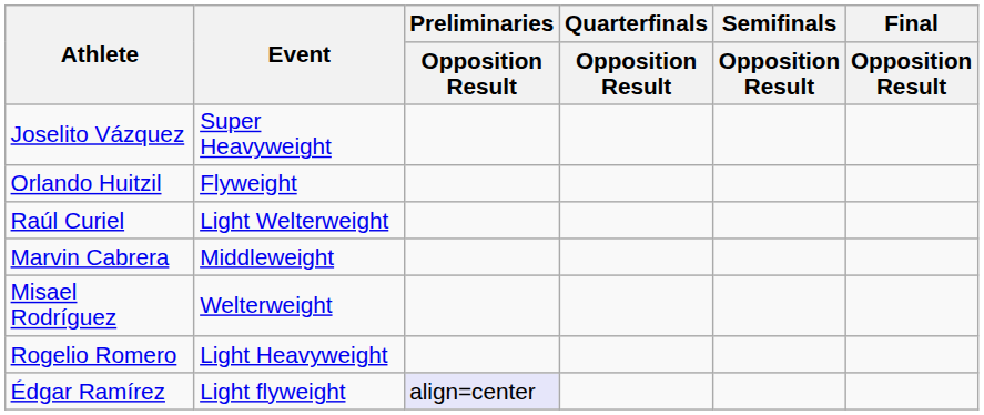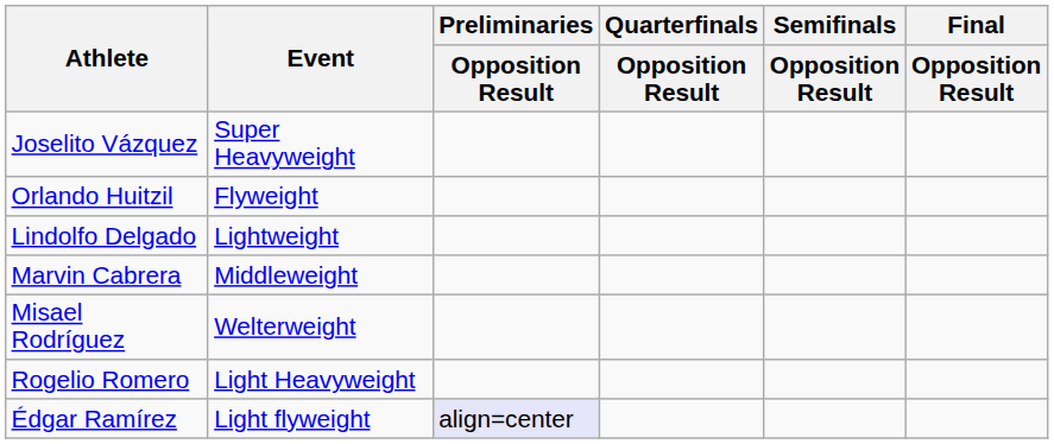 <table class="wikitable" border="1" style="font-size:90%">
 <tr>
 <th rowspan=2>Athlete</th>
 <th rowspan=2>Event</th>
 <th>Preliminaries</th>
 <th>Quarterfinals</th>
 <th>Semifinals</th>
 <th>Final</th>
 </tr>
 <tr>
 <th>Opposition<br>Result</th>
 <th>Opposition<br>Result</th>
 <th>Opposition<br>Result</th>
 <th>Opposition<br>Result</th>
 </tr>
 <tr>
 <td><a href='#'>Joselito Vázquez</a></td>
 <td><a href='#'>Super Heavyweight</a></td>
 <td align=center></td>
 <td align=center></td>
 <td align=center></td>
 <td align=center></td>
 </tr>
 <tr>
 <td><a href='#'>Orlando Huitzil</a></td>
 <td><a href='#'>Flyweight</a></td>
 <td align=center></td>
 <td align=center></td>
 <td align=center></td>
 <td align=center></td>
 </tr>
 <tr>
-<td><a href='#'>Raúl Curiel</a></td>
-<td><a href='#'>Light Welterweight</a></td>
+<td><a href='#'>Lindolfo Delgado</a></td>
+<td><a href='#'>Lightweight</a></td>
 <td align=center></td>
 <td align=center></td>
 <td align=center></td>
 <td align=center></td>
 </tr>
 <tr>
 <td><a href='#'>Marvin Cabrera</a></td>
 <td><a href='#'>Middleweight</a></td>
 <td align=center></td>
 <td align=center></td>
 <td align=center></td>
 <td align=center></td>
 </tr>
 <tr>
 <td><a href='#'>Misael Rodríguez</a></td>
 <td><a href='#'>Welterweight</a></td>
 <td align=center></td>
 <td align=center></td>
 <td align=center></td>
 <td align=center></td>
 </tr>
 <tr>
 <td><a href='#'>Rogelio Romero</a></td>
 <td><a href='#'>Light Heavyweight</a></td>
 <td align=center></td>
 <td align=center></td>
 <td align=center></td>
 <td align=center></td>
 </tr>
 <tr>
 <td><a href='#'>Édgar Ramírez</a></td>
 <td><a href='#'>Light flyweight</a></td>
 <td style="background: lavender;">align=center </td>
 <td align=center></td>
 <td align=center></td>
 <td align=center></td>
 </tr>
 </table>
